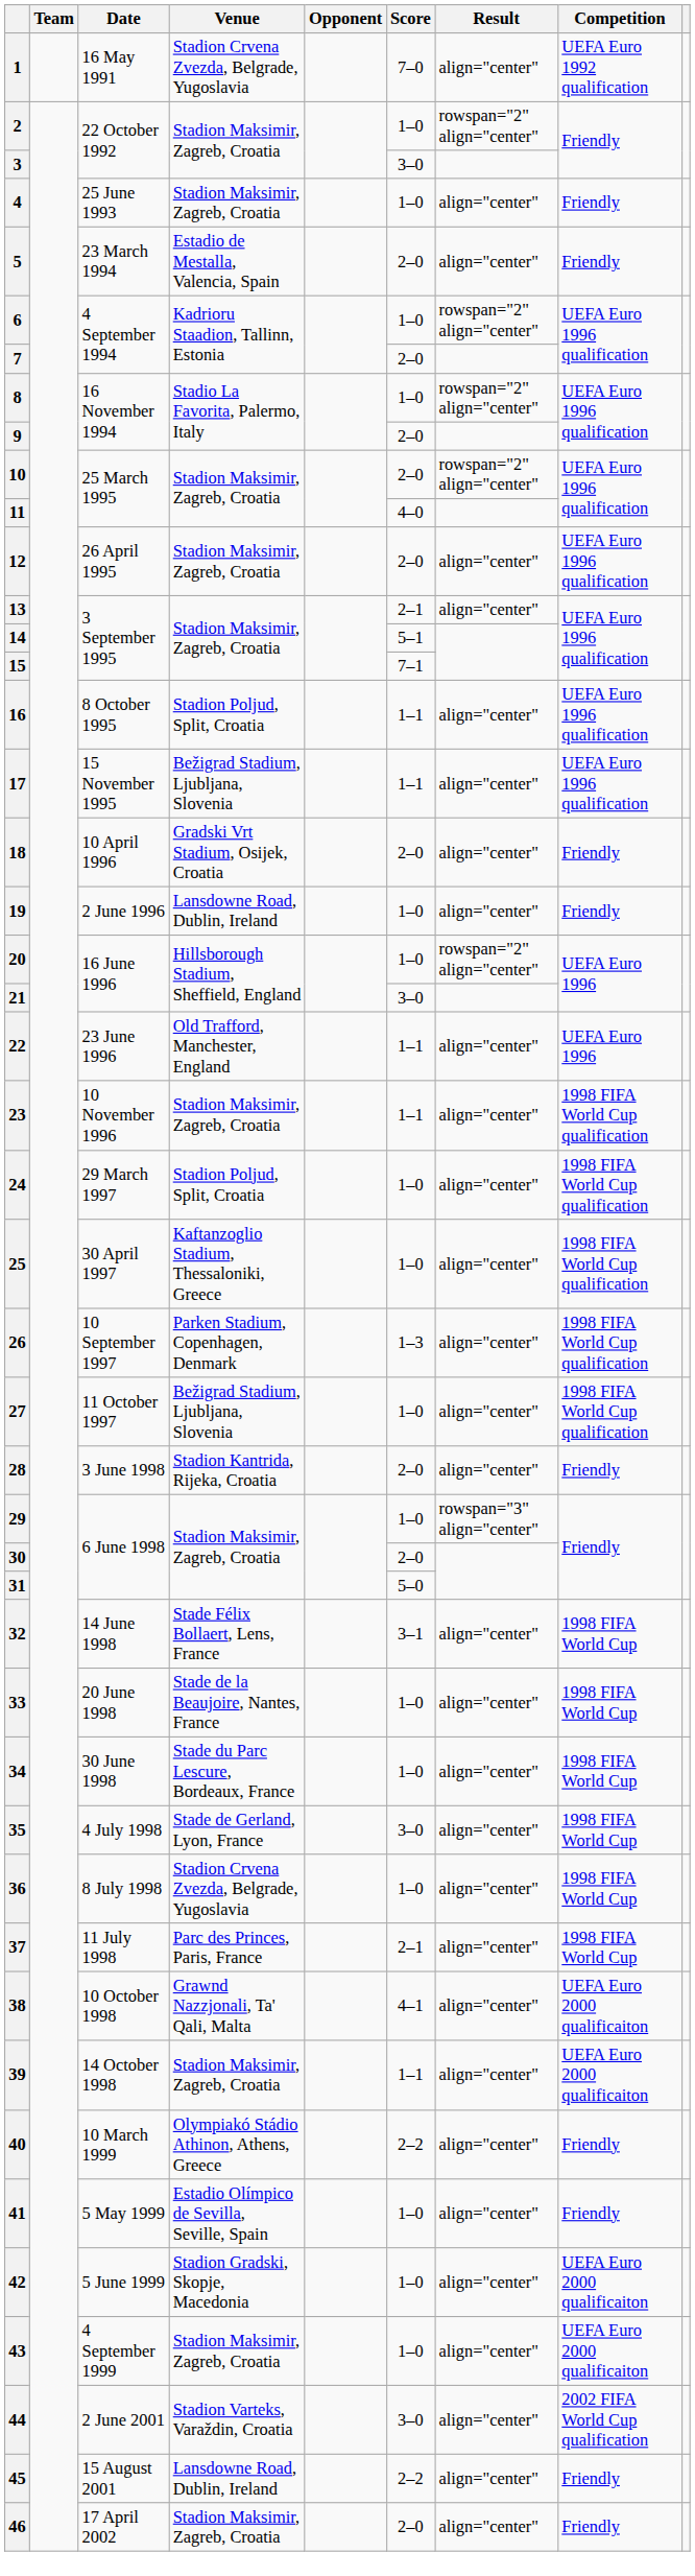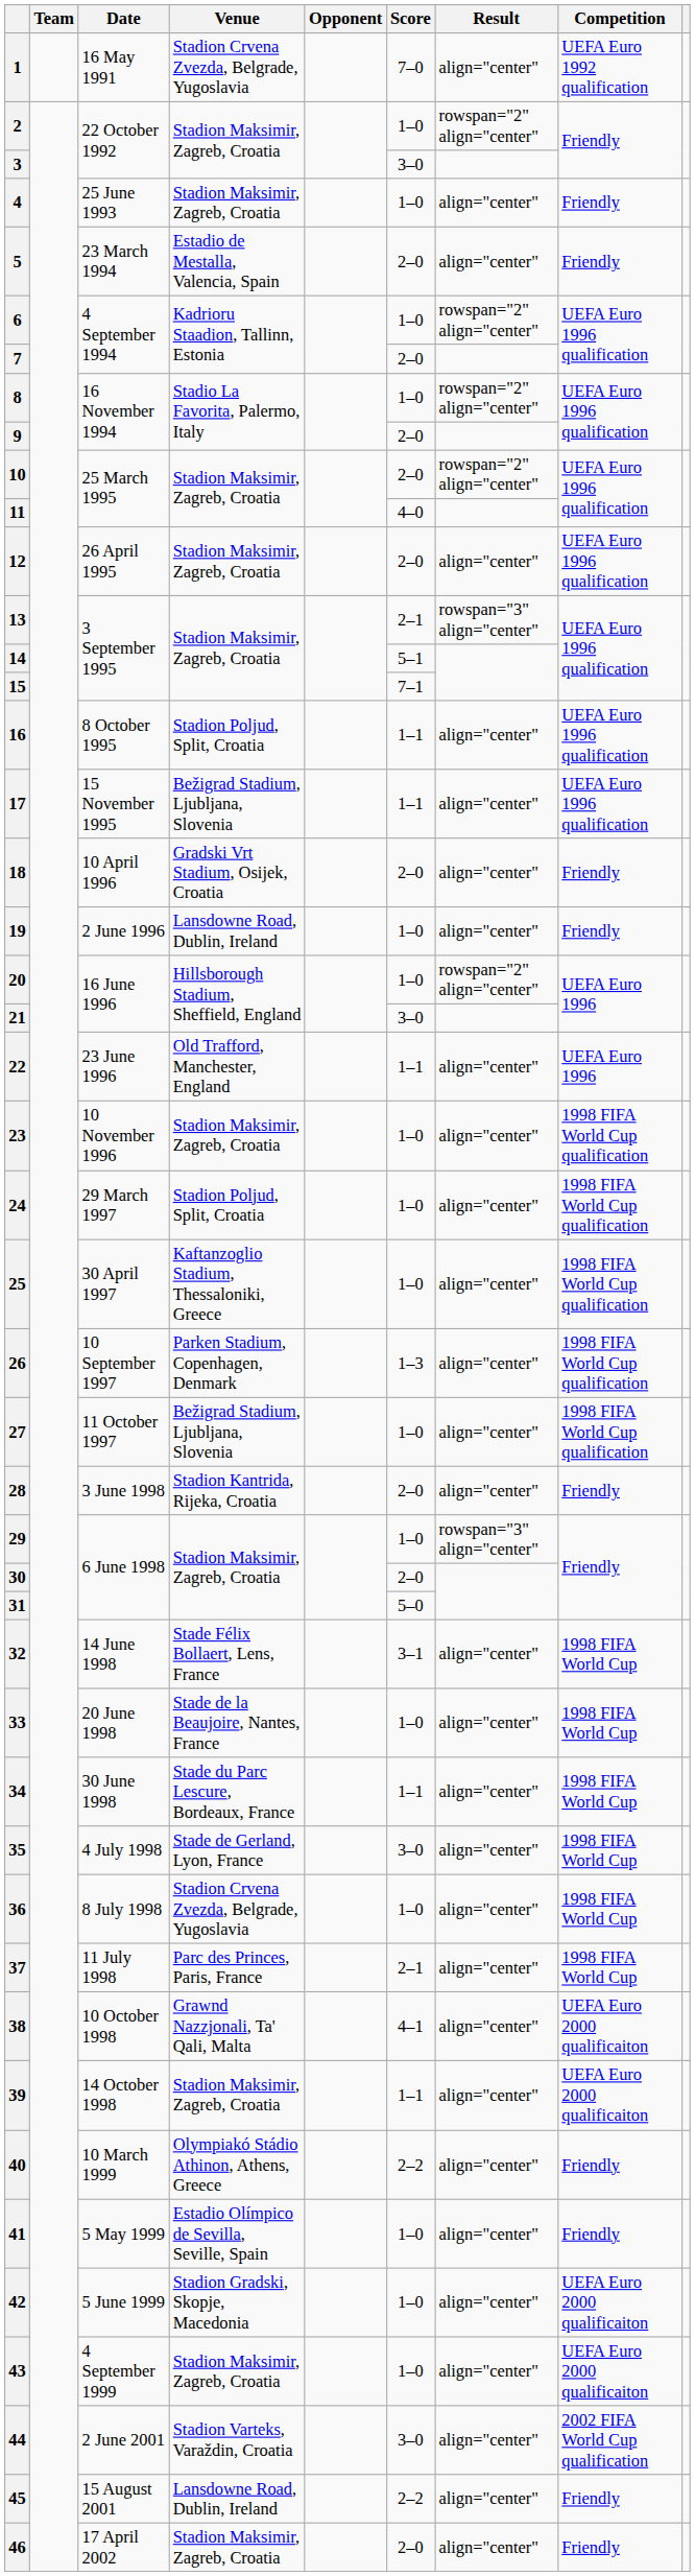 <table class="wikitable sortable" style="font-size:95%">
 <tr>
 <th scope="col"></th>
 <th scope="col">Team</th>
 <th scope="col">Date</th>
 <th scope="col">Venue</th>
 <th scope="col">Opponent</th>
 <th scope="col">Score</th>
 <th scope="col">Result</th>
 <th scope="col">Competition</th>
 <th scope="col" class="unsortable"></th>
 </tr>
 <tr>
 <th scope="row">1</th>
 <td></td>
 <td>16 May 1991</td>
 <td><a href='#'>Stadion Crvena Zvezda</a>, Belgrade, Yugoslavia</td>
 <td></td>
 <td align="center">7–0</td>
 <td>align="center" </td>
 <td><a href='#'>UEFA Euro 1992 qualification</a></td>
 <td align="center"></td>
 </tr>
 <tr>
 <th scope="row">2</th>
 <td rowspan="45"></td>
 <td rowspan="2">22 October 1992</td>
 <td rowspan="2"><a href='#'>Stadion Maksimir</a>, Zagreb, Croatia</td>
 <td rowspan="2"></td>
 <td align="center">1–0</td>
 <td>rowspan="2" align="center" </td>
 <td rowspan="2"><a href='#'>Friendly</a></td>
 <td rowspan="2" align="center"></td>
 </tr>
 <tr>
 <th scope="row">3</th>
 <td align="center">3–0</td>
 </tr>
 <tr>
 <th scope="row">4</th>
 <td>25 June 1993</td>
 <td><a href='#'>Stadion Maksimir</a>, Zagreb, Croatia</td>
 <td></td>
 <td align="center">1–0</td>
 <td>align="center" </td>
 <td><a href='#'>Friendly</a></td>
 <td align="center"></td>
 </tr>
 <tr>
 <th scope="row">5</th>
 <td>23 March 1994</td>
 <td><a href='#'>Estadio de Mestalla</a>, Valencia, Spain</td>
 <td></td>
 <td align="center">2–0</td>
 <td>align="center" </td>
 <td><a href='#'>Friendly</a></td>
 <td align="center"></td>
 </tr>
 <tr>
 <th scope="row">6</th>
 <td rowspan="2">4 September 1994</td>
 <td rowspan="2"><a href='#'>Kadrioru Staadion</a>, Tallinn, Estonia</td>
 <td rowspan="2"></td>
 <td align="center">1–0</td>
 <td>rowspan="2" align="center" </td>
 <td rowspan="2"><a href='#'>UEFA Euro 1996 qualification</a></td>
 <td rowspan="2" align="center"></td>
 </tr>
 <tr>
 <th scope="row">7</th>
 <td align="center">2–0</td>
 </tr>
 <tr>
 <th scope="row">8</th>
 <td rowspan="2">16 November 1994</td>
 <td rowspan="2"><a href='#'>Stadio La Favorita</a>, Palermo, Italy</td>
 <td rowspan="2"></td>
 <td align="center">1–0</td>
 <td>rowspan="2" align="center" </td>
 <td rowspan="2"><a href='#'>UEFA Euro 1996 qualification</a></td>
 <td rowspan="2" align="center"></td>
 </tr>
 <tr>
 <th scope="row">9</th>
 <td align="center">2–0</td>
 </tr>
 <tr>
 <th scope="row">10</th>
 <td rowspan="2">25 March 1995</td>
 <td rowspan="2"><a href='#'>Stadion Maksimir</a>, Zagreb, Croatia</td>
 <td rowspan="2"></td>
 <td align="center">2–0</td>
 <td>rowspan="2" align="center" </td>
 <td rowspan="2"><a href='#'>UEFA Euro 1996 qualification</a></td>
 <td rowspan="2" align="center"></td>
 </tr>
 <tr>
 <th scope="row">11</th>
 <td align="center">4–0</td>
 </tr>
 <tr>
 <th scope="row" align="center">12</th>
 <td>26 April 1995</td>
 <td><a href='#'>Stadion Maksimir</a>, Zagreb, Croatia</td>
 <td></td>
 <td align="center">2–0</td>
 <td>align="center" </td>
 <td><a href='#'>UEFA Euro 1996 qualification</a></td>
 <td align="center"></td>
 </tr>
 <tr>
 <th scope="row">13</th>
 <td rowspan="3">3 September 1995</td>
 <td rowspan="3"><a href='#'>Stadion Maksimir</a>, Zagreb, Croatia</td>
 <td rowspan="3"></td>
 <td align="center">2–1</td>
-<td>align="center" </td>
+<td>rowspan="3" align="center" </td>
 <td rowspan="3"><a href='#'>UEFA Euro 1996 qualification</a></td>
 <td rowspan="3" align="center"></td>
 </tr>
 <tr>
 <th scope="row">14</th>
 <td align="center">5–1</td>
 </tr>
 <tr>
 <th scope="row">15</th>
 <td align="center">7–1</td>
 </tr>
 <tr>
 <th scope="row">16</th>
 <td>8 October 1995</td>
 <td><a href='#'>Stadion Poljud</a>, Split, Croatia</td>
 <td></td>
 <td align="center">1–1</td>
 <td>align="center" </td>
 <td><a href='#'>UEFA Euro 1996 qualification</a></td>
 <td align="center"></td>
 </tr>
 <tr>
 <th scope="row">17</th>
 <td>15 November 1995</td>
 <td><a href='#'>Bežigrad Stadium</a>, Ljubljana, Slovenia</td>
 <td></td>
 <td align="center">1–1</td>
 <td>align="center" </td>
 <td><a href='#'>UEFA Euro 1996 qualification</a></td>
 <td align="center"></td>
 </tr>
 <tr>
 <th scope="row">18</th>
 <td>10 April 1996</td>
 <td><a href='#'>Gradski Vrt Stadium</a>, Osijek, Croatia</td>
 <td></td>
 <td align="center">2–0</td>
 <td>align="center" </td>
 <td><a href='#'>Friendly</a></td>
 <td align="center"></td>
 </tr>
 <tr>
 <th scope="row">19</th>
 <td>2 June 1996</td>
 <td><a href='#'>Lansdowne Road</a>, Dublin, Ireland</td>
 <td></td>
 <td align="center">1–0</td>
 <td>align="center" </td>
 <td><a href='#'>Friendly</a></td>
 <td align="center"></td>
 </tr>
 <tr>
 <th scope="row">20</th>
 <td rowspan="2">16 June 1996</td>
 <td rowspan="2"><a href='#'>Hillsborough Stadium</a>, Sheffield, England</td>
 <td rowspan="2"></td>
 <td align="center">1–0</td>
 <td>rowspan="2" align="center" </td>
 <td rowspan="2"><a href='#'>UEFA Euro 1996</a></td>
 <td rowspan="2" align="center"></td>
 </tr>
 <tr>
 <th scope="row">21</th>
 <td align="center">3–0</td>
 </tr>
 <tr>
 <th scope="row">22</th>
 <td>23 June 1996</td>
 <td><a href='#'>Old Trafford</a>, Manchester, England</td>
 <td></td>
 <td align="center">1–1</td>
 <td>align="center" </td>
 <td><a href='#'>UEFA Euro 1996</a></td>
 <td align="center"></td>
 </tr>
 <tr>
 <th scope="row">23</th>
 <td>10 November 1996</td>
 <td><a href='#'>Stadion Maksimir</a>, Zagreb, Croatia</td>
 <td></td>
-<td align="center">1–1</td>
+<td align="center">1–0</td>
 <td>align="center" </td>
 <td><a href='#'>1998 FIFA World Cup qualification</a></td>
 <td align="center"></td>
 </tr>
 <tr>
 <th scope="row">24</th>
 <td>29 March 1997</td>
 <td><a href='#'>Stadion Poljud</a>, Split, Croatia</td>
 <td></td>
 <td align="center">1–0</td>
 <td>align="center" </td>
 <td><a href='#'>1998 FIFA World Cup qualification</a></td>
 <td align="center"></td>
 </tr>
 <tr>
 <th scope="row">25</th>
 <td>30 April 1997</td>
 <td><a href='#'>Kaftanzoglio Stadium</a>, Thessaloniki, Greece</td>
 <td></td>
 <td align="center">1–0</td>
 <td>align="center" </td>
 <td><a href='#'>1998 FIFA World Cup qualification</a></td>
 <td align="center"></td>
 </tr>
 <tr>
 <th scope="row">26</th>
 <td>10 September 1997</td>
 <td><a href='#'>Parken Stadium</a>, Copenhagen, Denmark</td>
 <td></td>
 <td align="center">1–3</td>
 <td>align="center" </td>
 <td><a href='#'>1998 FIFA World Cup qualification</a></td>
 <td align="center"></td>
 </tr>
 <tr>
 <th scope="row">27</th>
 <td>11 October 1997</td>
 <td><a href='#'>Bežigrad Stadium</a>, Ljubljana, Slovenia</td>
 <td></td>
 <td align="center">1–0</td>
 <td>align="center" </td>
 <td><a href='#'>1998 FIFA World Cup qualification</a></td>
 <td align="center"></td>
 </tr>
 <tr>
 <th scope="row">28</th>
 <td>3 June 1998</td>
 <td><a href='#'>Stadion Kantrida</a>, Rijeka, Croatia</td>
 <td></td>
 <td align="center">2–0</td>
 <td>align="center" </td>
 <td><a href='#'>Friendly</a></td>
 <td align="center"></td>
 </tr>
 <tr>
 <th scope="row">29</th>
 <td rowspan="3">6 June 1998</td>
 <td rowspan="3"><a href='#'>Stadion Maksimir</a>, Zagreb, Croatia</td>
 <td rowspan="3"></td>
 <td align="center">1–0</td>
 <td>rowspan="3" align="center" </td>
 <td rowspan="3"><a href='#'>Friendly</a></td>
 <td rowspan="3" align="center"></td>
 </tr>
 <tr>
 <th scope="row">30</th>
 <td align="center">2–0</td>
 </tr>
 <tr>
 <th scope="row">31</th>
 <td align="center">5–0</td>
 </tr>
 <tr>
 <th scope="row">32</th>
 <td>14 June 1998</td>
 <td><a href='#'>Stade Félix Bollaert</a>, Lens, France</td>
 <td></td>
 <td align="center">3–1</td>
 <td>align="center" </td>
 <td><a href='#'>1998 FIFA World Cup</a></td>
 <td align="center"></td>
 </tr>
 <tr>
 <th scope="row">33</th>
 <td>20 June 1998</td>
 <td><a href='#'>Stade de la Beaujoire</a>, Nantes, France</td>
 <td></td>
 <td align="center">1–0</td>
 <td>align="center" </td>
 <td><a href='#'>1998 FIFA World Cup</a></td>
 <td align="center"></td>
 </tr>
 <tr>
 <th scope="row">34</th>
 <td>30 June 1998</td>
 <td><a href='#'>Stade du Parc Lescure</a>, Bordeaux, France</td>
 <td></td>
-<td align="center">1–0</td>
+<td align="center">1–1</td>
 <td>align="center" </td>
 <td><a href='#'>1998 FIFA World Cup</a></td>
 <td align="center"></td>
 </tr>
 <tr>
 <th scope="row">35</th>
 <td>4 July 1998</td>
 <td><a href='#'>Stade de Gerland</a>, Lyon, France</td>
 <td></td>
 <td align="center">3–0</td>
 <td>align="center" </td>
 <td><a href='#'>1998 FIFA World Cup</a></td>
 <td align="center"></td>
 </tr>
 <tr>
 <th scope="row">36</th>
 <td>8 July 1998</td>
 <td><a href='#'>Stadion Crvena Zvezda</a>, Belgrade, Yugoslavia</td>
 <td></td>
 <td align="center">1–0</td>
 <td>align="center" </td>
 <td><a href='#'>1998 FIFA World Cup</a></td>
 <td align="center"></td>
 </tr>
 <tr>
 <th scope="row">37</th>
 <td>11 July 1998</td>
 <td><a href='#'>Parc des Princes</a>, Paris, France</td>
 <td></td>
 <td align="center">2–1</td>
 <td>align="center" </td>
 <td><a href='#'>1998 FIFA World Cup</a></td>
 <td align="center"></td>
 </tr>
 <tr>
 <th scope="row">38</th>
 <td>10 October 1998</td>
 <td><a href='#'>Grawnd Nazzjonali</a>, Ta' Qali, Malta</td>
 <td></td>
 <td align="center">4–1</td>
 <td>align="center" </td>
 <td><a href='#'>UEFA Euro 2000 qualificaiton</a></td>
 <td align="center"></td>
 </tr>
 <tr>
 <th scope="row">39</th>
 <td>14 October 1998</td>
 <td><a href='#'>Stadion Maksimir</a>, Zagreb, Croatia</td>
 <td></td>
 <td align="center">1–1</td>
 <td>align="center" </td>
 <td><a href='#'>UEFA Euro 2000 qualificaiton</a></td>
 <td align="center"></td>
 </tr>
 <tr>
 <th scope="row">40</th>
 <td>10 March 1999</td>
 <td><a href='#'>Olympiakó Stádio Athinon</a>, Athens, Greece</td>
 <td></td>
 <td align="center">2–2</td>
 <td>align="center" </td>
 <td><a href='#'>Friendly</a></td>
 <td align="center"></td>
 </tr>
 <tr>
 <th scope="row">41</th>
 <td>5 May 1999</td>
 <td><a href='#'>Estadio Olímpico de Sevilla</a>, Seville, Spain</td>
 <td></td>
 <td align="center">1–0</td>
 <td>align="center" </td>
 <td><a href='#'>Friendly</a></td>
 <td align="center"></td>
 </tr>
 <tr>
 <th scope="row">42</th>
 <td>5 June 1999</td>
 <td><a href='#'>Stadion Gradski</a>, Skopje, Macedonia</td>
 <td></td>
 <td align="center">1–0</td>
 <td>align="center" </td>
 <td><a href='#'>UEFA Euro 2000 qualificaiton</a></td>
 <td align="center"></td>
 </tr>
 <tr>
 <th scope="row">43</th>
 <td>4 September 1999</td>
 <td><a href='#'>Stadion Maksimir</a>, Zagreb, Croatia</td>
 <td></td>
 <td align="center">1–0</td>
 <td>align="center" </td>
 <td><a href='#'>UEFA Euro 2000 qualificaiton</a></td>
 <td align="center"></td>
 </tr>
 <tr>
 <th scope="row">44</th>
 <td>2 June 2001</td>
 <td><a href='#'>Stadion Varteks</a>, Varaždin, Croatia</td>
 <td></td>
 <td align="center">3–0</td>
 <td>align="center" </td>
 <td><a href='#'>2002 FIFA World Cup qualification</a></td>
 <td align="center"></td>
 </tr>
 <tr>
 <th scope="row">45</th>
 <td>15 August 2001</td>
 <td><a href='#'>Lansdowne Road</a>, Dublin, Ireland</td>
 <td></td>
 <td align="center">2–2</td>
 <td>align="center" </td>
 <td><a href='#'>Friendly</a></td>
 <td align="center"></td>
 </tr>
 <tr>
 <th scope="row">46</th>
 <td>17 April 2002</td>
 <td><a href='#'>Stadion Maksimir</a>, Zagreb, Croatia</td>
 <td></td>
 <td align="center">2–0</td>
 <td>align="center" </td>
 <td><a href='#'>Friendly</a></td>
 <td align="center"></td>
 </tr>
 </table>
